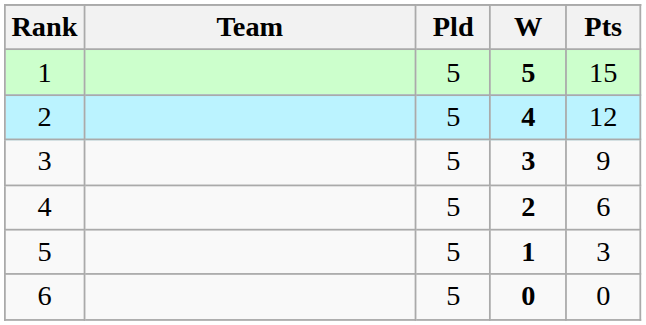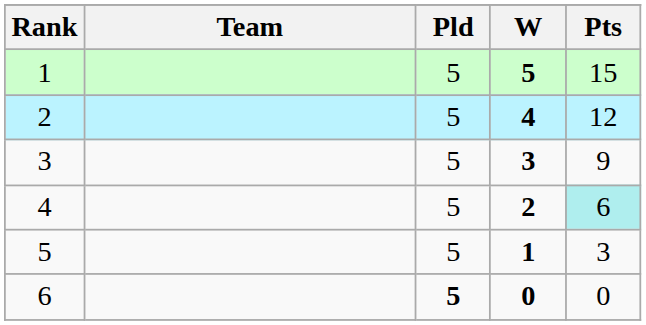 <table class="wikitable">
 <tr>
 </tr>
 <tr>
 <th style="width:35px">Rank</th>
 <th style="width:180px">Team</th>
 <th style="width:35px">Pld</th>
 <th style="width:35px">W</th>
 <th style="width:35px">Pts</th>
 </tr>
 <tr bgcolor=#ccffcc>
 <td align=center>1</td>
 <td></td>
 <td align=center>5</td>
 <td align=center><strong>5</strong></td>
 <td align=center>15</td>
 </tr>
 <tr bgcolor=#bbf3ff>
 <td align=center>2</td>
 <td></td>
 <td align=center>5</td>
 <td align=center><strong>4</strong></td>
 <td align=center>12</td>
 </tr>
 <tr>
 <td align=center>3</td>
 <td></td>
 <td align=center>5</td>
 <td align=center><strong>3</strong></td>
 <td align=center>9</td>
 </tr>
 <tr>
 <td align=center>4</td>
 <td></td>
 <td align=center>5</td>
 <td align=center><strong>2</strong></td>
-<td align=center>6</td>
+<td align=center style="background: paleturquoise;">6</td>
 </tr>
 <tr>
 <td align=center>5</td>
 <td></td>
 <td align=center>5</td>
 <td align=center><strong>1</strong></td>
 <td align=center>3</td>
 </tr>
 <tr>
 <td align=center>6</td>
 <td></td>
-<td align=center>5</td>
+<td align=center><strong>5</strong></td>
 <td align=center><strong>0</strong></td>
 <td align=center>0</td>
 </tr>
 </table>
